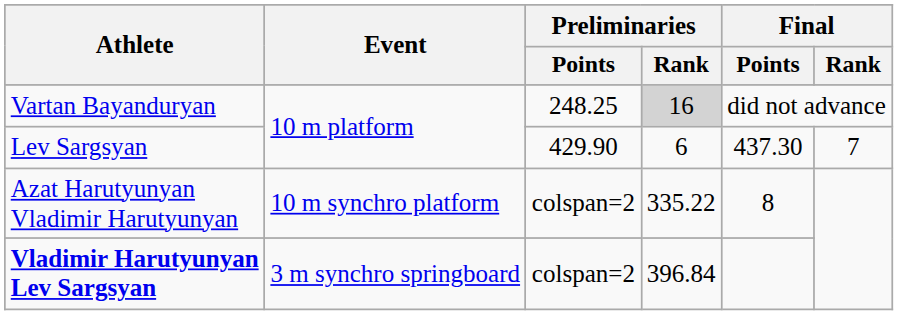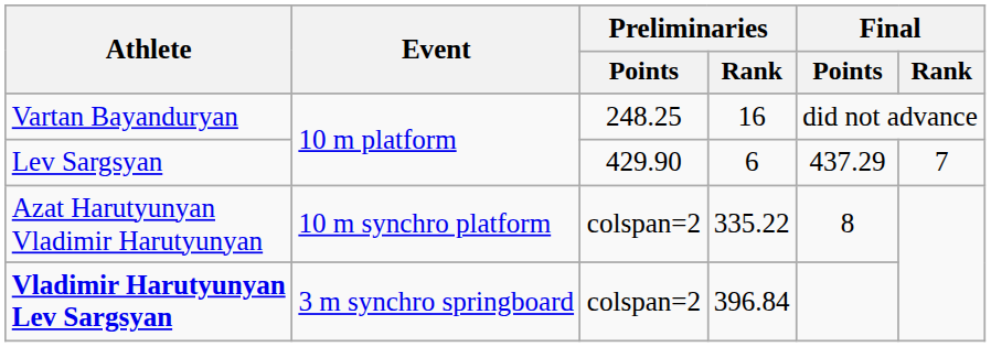 <table class=wikitable style="font-size:90%">
 <tr>
 <th rowspan="2">Athlete</th>
 <th rowspan="2">Event</th>
 <th colspan="2">Preliminaries</th>
 <th colspan="2">Final</th>
 </tr>
 <tr style="font-size:95%">
 <th>Points</th>
 <th>Rank</th>
 <th>Points</th>
 <th>Rank</th>
 </tr>
 <tr align=center>
 <td align=left><a href='#'>Vartan Bayanduryan</a></td>
 <td align=left rowspan=2><a href='#'>10 m platform</a></td>
 <td>248.25</td>
-<td style="background: lightgrey;">16</td>
+<td>16</td>
 <td colspan=4>did not advance</td>
 </tr>
 <tr align=center>
 <td align=left><a href='#'>Lev Sargsyan</a></td>
 <td>429.90</td>
 <td>6</td>
-<td>437.30</td>
+<td>437.29</td>
 <td>7</td>
 </tr>
 <tr align=center>
 <td align=left><a href='#'>Azat Harutyunyan</a><br><a href='#'>Vladimir Harutyunyan</a></td>
 <td align=left><a href='#'>10 m synchro platform</a></td>
 <td>colspan=2</td>
 <td>335.22</td>
 <td>8</td>
 </tr>
 <tr align=center>
 <td align=left><strong><a href='#'>Vladimir Harutyunyan</a><br><a href='#'>Lev Sargsyan</a></strong></td>
 <td align=left><a href='#'>3 m synchro springboard</a></td>
 <td>colspan=2</td>
 <td>396.84</td>
 <td></td>
 </tr>
 </table>
